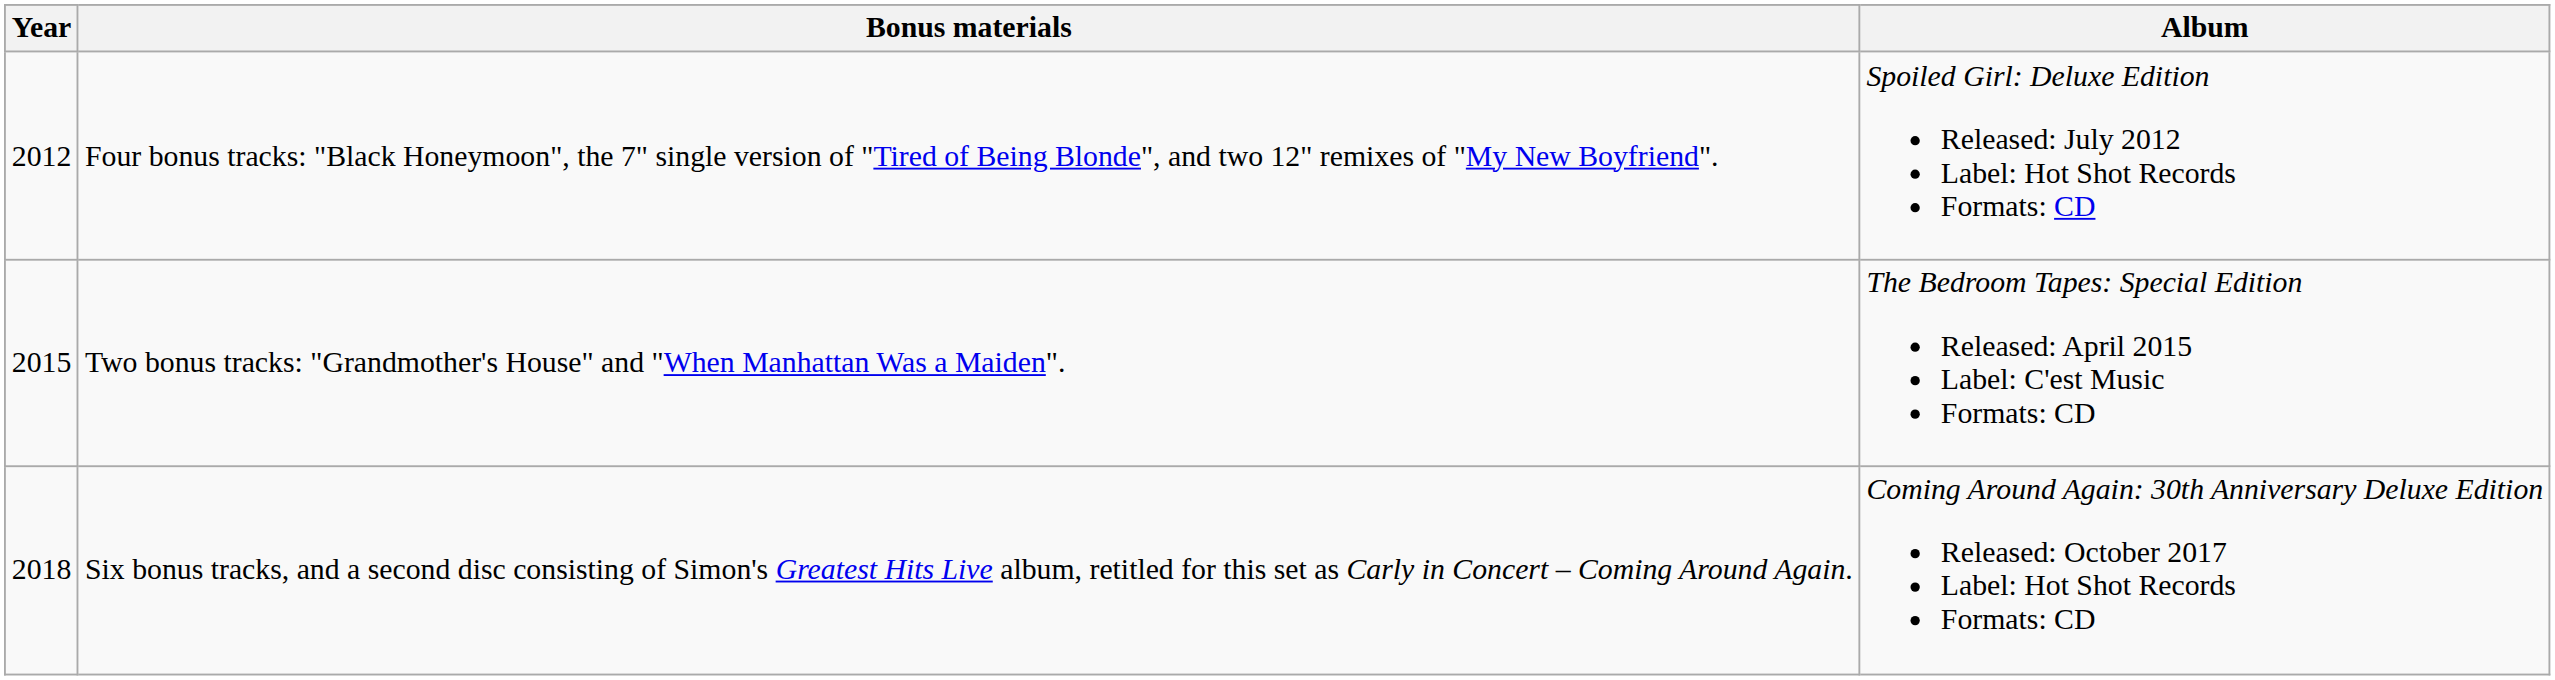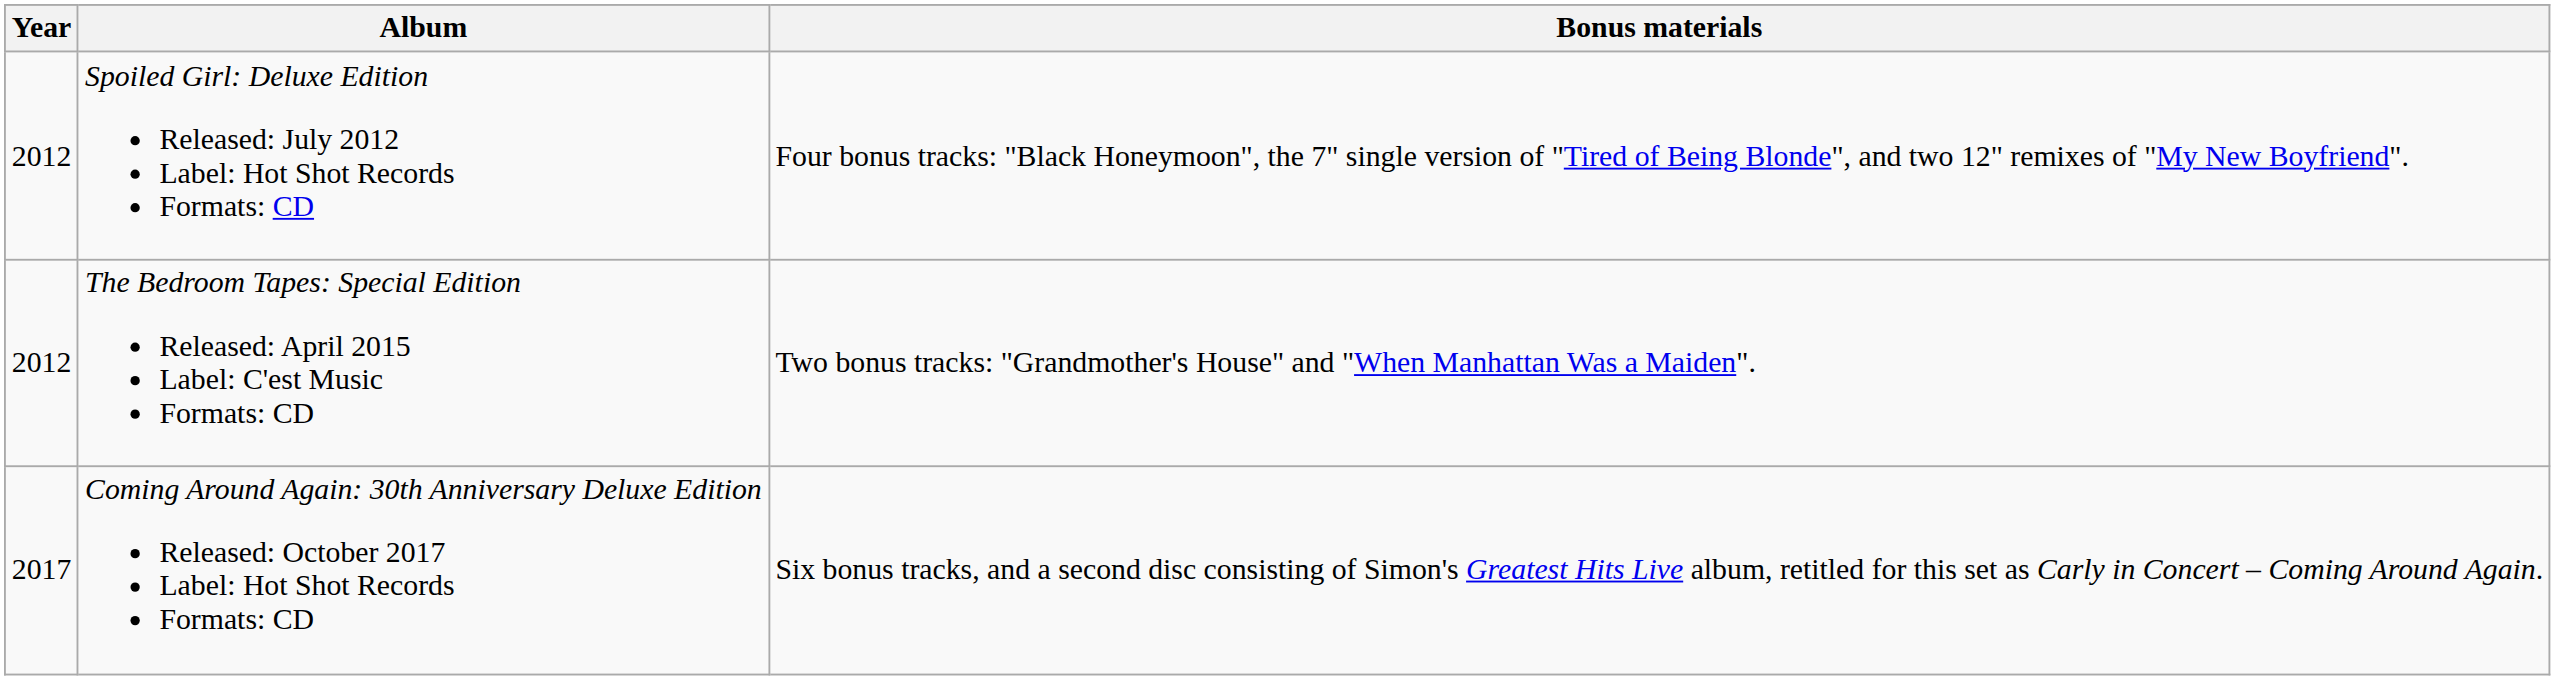 <table class="wikitable">
 <tr>
 <th rowspan="1">Year</th>
+<th rowspan="1">Album</th>
 <th rowspan="1">Bonus materials</th>
-<th rowspan="1">Album</th>
 </tr>
 <tr>
 <td>2012</td>
+<td><em>Spoiled Girl: Deluxe Edition</em><br><ul><li>Released: July 2012</li><li>Label: Hot Shot Records</li><li>Formats: <a href='#'>CD</a></li></ul></td>
 <td>Four bonus tracks: "Black Honeymoon", the 7" single version of "<a href='#'>Tired of Being Blonde</a>", and two 12" remixes of "<a href='#'>My New Boyfriend</a>".</td>
-<td><em>Spoiled Girl: Deluxe Edition</em><br><ul><li>Released: July 2012</li><li>Label: Hot Shot Records</li><li>Formats: <a href='#'>CD</a></li></ul></td>
 </tr>
 <tr>
-<td>2015</td>
+<td>2012</td>
+<td><em>The Bedroom Tapes: Special Edition</em><br><ul><li>Released: April 2015</li><li>Label: C'est Music</li><li>Formats: CD</li></ul></td>
 <td>Two bonus tracks: "Grandmother's House" and "<a href='#'>When Manhattan Was a Maiden</a>".</td>
-<td><em>The Bedroom Tapes: Special Edition</em><br><ul><li>Released: April 2015</li><li>Label: C'est Music</li><li>Formats: CD</li></ul></td>
 </tr>
 <tr>
-<td>2018</td>
+<td>2017</td>
+<td><em>Coming Around Again: 30th Anniversary Deluxe Edition</em><br><ul><li>Released: October 2017</li><li>Label: Hot Shot Records</li><li>Formats: CD</li></ul></td>
 <td>Six bonus tracks, and a second disc consisting of Simon's <em><a href='#'>Greatest Hits Live</a></em> album, retitled for this set as <em>Carly in Concert – Coming Around Again</em>.</td>
-<td><em>Coming Around Again: 30th Anniversary Deluxe Edition</em><br><ul><li>Released: October 2017</li><li>Label: Hot Shot Records</li><li>Formats: CD</li></ul></td>
 </tr>
 </table>
